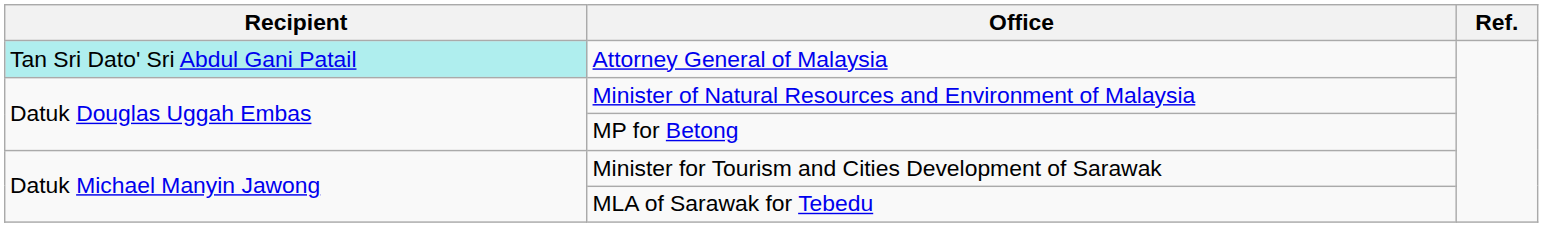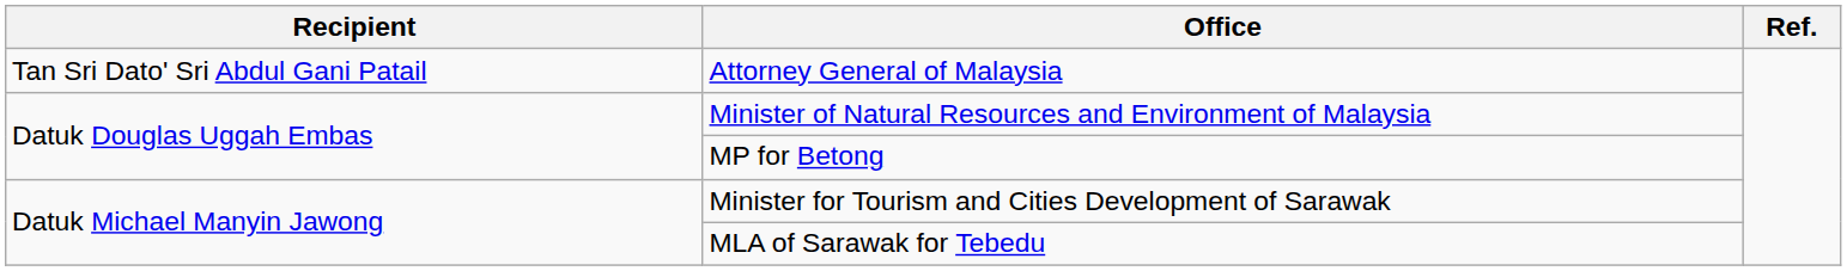 <table class="wikitable">
 <tr>
 <th width=400>Recipient</th>
 <th width=600>Office</th>
 <th width=50>Ref.</th>
 </tr>
 <tr>
-<td style="background: paleturquoise;">Tan Sri Dato' Sri <a href='#'>Abdul Gani Patail</a></td>
+<td>Tan Sri Dato' Sri <a href='#'>Abdul Gani Patail</a></td>
 <td><a href='#'>Attorney General of Malaysia</a></td>
 <td rowspan="5" align=center></td>
 </tr>
 <tr>
 <td rowspan="2">Datuk <a href='#'>Douglas Uggah Embas</a></td>
 <td><a href='#'>Minister of Natural Resources and Environment of Malaysia</a></td>
 </tr>
 <tr>
 <td>MP for <a href='#'>Betong</a></td>
 </tr>
 <tr>
 <td rowspan="2">Datuk <a href='#'>Michael Manyin Jawong</a></td>
 <td>Minister for Tourism and Cities Development of Sarawak</td>
 </tr>
 <tr>
 <td>MLA of Sarawak for <a href='#'>Tebedu</a></td>
 </tr>
 </table>
